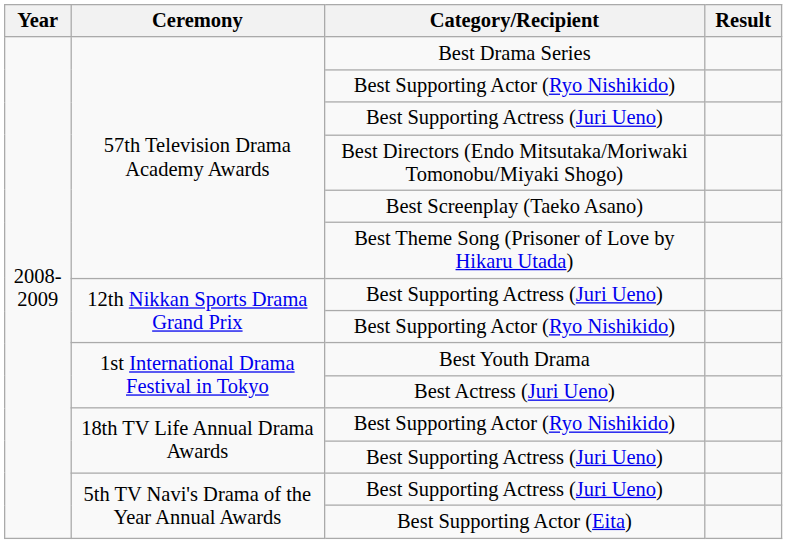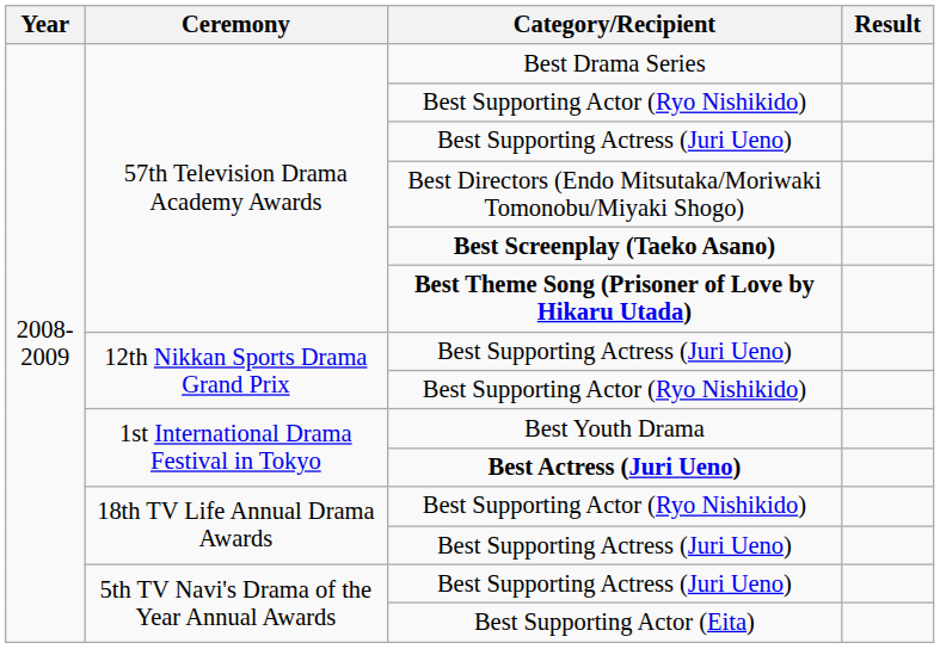 <table class="wikitable">
 <tr>
 <th style="width:50px;">Year</th>
 <th style="width:280px;">Ceremony</th>
 <th style="width:420px;">Category/Recipient</th>
 <th style="width:60px;">Result</th>
 </tr>
 <tr>
 <td align="center" rowspan=14>2008-2009</td>
 <td align="center" rowspan=6>57th Television Drama Academy Awards</td>
 <td align="center">Best Drama Series</td>
 <td></td>
 </tr>
 <tr>
 <td align="center">Best Supporting Actor (<a href='#'>Ryo Nishikido</a>)</td>
 <td></td>
 </tr>
 <tr>
 <td align="center">Best Supporting Actress (<a href='#'>Juri Ueno</a>)</td>
 <td></td>
 </tr>
 <tr>
 <td align="center">Best Directors (Endo Mitsutaka/Moriwaki Tomonobu/Miyaki Shogo)</td>
 <td></td>
 </tr>
 <tr>
-<td align="center">Best Screenplay (Taeko Asano)</td>
+<td align="center"><strong>Best Screenplay (Taeko Asano)</strong></td>
 <td></td>
 </tr>
 <tr>
-<td align="center">Best Theme Song (Prisoner of Love by <a href='#'>Hikaru Utada</a>)</td>
+<td align="center"><strong>Best Theme Song (Prisoner of Love by <a href='#'>Hikaru Utada</a>)</strong></td>
 <td></td>
 </tr>
 <tr>
 <td align="center" rowspan=2>12th <a href='#'>Nikkan Sports Drama Grand Prix</a></td>
 <td align="center">Best Supporting Actress (<a href='#'>Juri Ueno</a>)</td>
 <td></td>
 </tr>
 <tr>
 <td align="center">Best Supporting Actor (<a href='#'>Ryo Nishikido</a>)</td>
 <td></td>
 </tr>
 <tr>
 <td align="center" rowspan=2>1st <a href='#'>International Drama Festival in Tokyo</a></td>
 <td align="center">Best Youth Drama</td>
 <td></td>
 </tr>
 <tr>
-<td align="center">Best Actress (<a href='#'>Juri Ueno</a>)</td>
+<td align="center"><strong>Best Actress (<a href='#'>Juri Ueno</a>)</strong></td>
 <td></td>
 </tr>
 <tr>
 <td align="center" rowspan=2>18th TV Life Annual Drama Awards</td>
 <td align="center">Best Supporting Actor (<a href='#'>Ryo Nishikido</a>)</td>
 <td></td>
 </tr>
 <tr>
 <td align="center">Best Supporting Actress (<a href='#'>Juri Ueno</a>)</td>
 <td></td>
 </tr>
 <tr>
 <td align="center" rowspan=2>5th TV Navi's Drama of the Year Annual Awards</td>
 <td align="center">Best Supporting Actress (<a href='#'>Juri Ueno</a>)</td>
 <td></td>
 </tr>
 <tr>
 <td align="center">Best Supporting Actor (<a href='#'>Eita</a>)</td>
 <td></td>
 </tr>
 </table>
